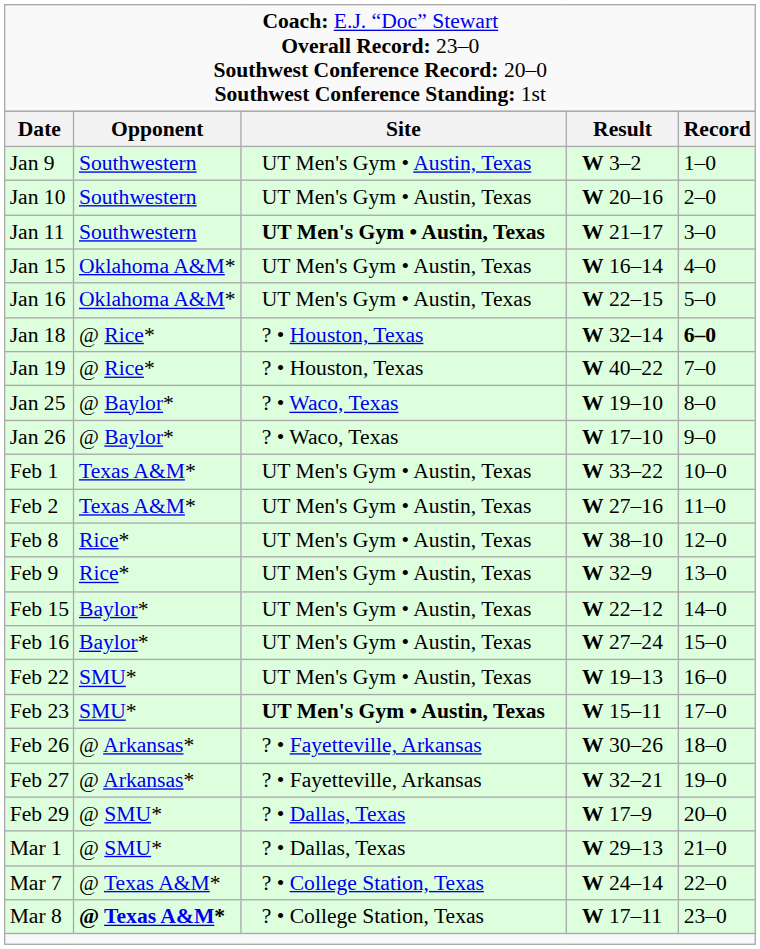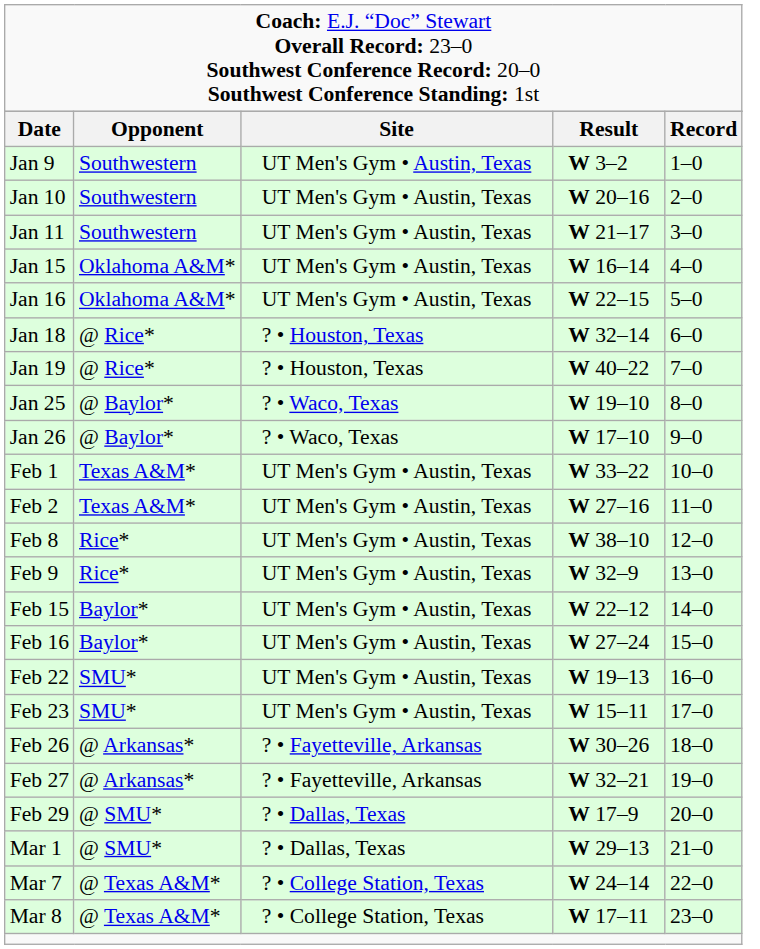 <table class="wikitable">
 <tr>
 <td colspan=8 style="text-align: center;"><strong>Coach:</strong> <a href='#'>E.J. “Doc” Stewart</a><br><strong>Overall Record:</strong> 23–0<br><strong>Southwest Conference Record:</strong> 20–0<br><strong>Southwest Conference Standing:</strong> 1st</td>
 </tr>
 <tr>
 </tr>
 <tr>
 <th>Date</th>
 <th>Opponent</th>
 <th>Site</th>
 <th>Result</th>
 <th>Record</th>
 </tr>
 <tr style="background: #ddffdd;">
 <td>Jan 9</td>
 <td><a href='#'>Southwestern</a></td>
 <td>   UT Men's Gym • <a href='#'>Austin, Texas</a>   </td>
 <td>  <strong>W</strong> 3–2  </td>
 <td>1–0</td>
 </tr>
 <tr style="background: #ddffdd;">
 <td>Jan 10</td>
 <td><a href='#'>Southwestern</a></td>
 <td>   UT Men's Gym • Austin, Texas   </td>
 <td>  <strong>W</strong> 20–16  </td>
 <td>2–0</td>
 </tr>
 <tr style="background: #ddffdd;">
 <td>Jan 11</td>
 <td><a href='#'>Southwestern</a></td>
-<td><strong>   UT Men's Gym • Austin, Texas   </strong></td>
+<td>   UT Men's Gym • Austin, Texas   </td>
 <td>  <strong>W</strong> 21–17  </td>
 <td>3–0</td>
 </tr>
 <tr style="background: #ddffdd;">
 <td>Jan 15</td>
 <td><a href='#'>Oklahoma A&M</a>*</td>
 <td>   UT Men's Gym • Austin, Texas   </td>
 <td>  <strong>W</strong> 16–14  </td>
 <td>4–0</td>
 </tr>
 <tr style="background: #ddffdd;">
 <td>Jan 16</td>
 <td><a href='#'>Oklahoma A&M</a>*</td>
 <td>   UT Men's Gym • Austin, Texas   </td>
 <td>  <strong>W</strong> 22–15  </td>
 <td>5–0</td>
 </tr>
 <tr style="background: #ddffdd;">
 <td>Jan 18</td>
 <td>@ <a href='#'>Rice</a>*</td>
 <td>   ? • <a href='#'>Houston, Texas</a>   </td>
 <td>  <strong>W</strong> 32–14  </td>
-<td><strong>6–0</strong></td>
+<td>6–0</td>
 </tr>
 <tr style="background: #ddffdd;">
 <td>Jan 19</td>
 <td>@ <a href='#'>Rice</a>*</td>
 <td>   ? • Houston, Texas   </td>
 <td>  <strong>W</strong> 40–22  </td>
 <td>7–0</td>
 </tr>
 <tr style="background: #ddffdd;">
 <td>Jan 25</td>
 <td>@ <a href='#'>Baylor</a>*</td>
 <td>   ? • <a href='#'>Waco, Texas</a>   </td>
 <td>  <strong>W</strong> 19–10  </td>
 <td>8–0</td>
 </tr>
 <tr style="background: #ddffdd;">
 <td>Jan 26</td>
 <td>@ <a href='#'>Baylor</a>*</td>
 <td>   ? • Waco, Texas   </td>
 <td>  <strong>W</strong> 17–10  </td>
 <td>9–0</td>
 </tr>
 <tr style="background: #ddffdd;">
 <td>Feb 1</td>
 <td><a href='#'>Texas A&M</a>*</td>
 <td>   UT Men's Gym • Austin, Texas   </td>
 <td>  <strong>W</strong> 33–22  </td>
 <td>10–0</td>
 </tr>
 <tr style="background: #ddffdd;">
 <td>Feb 2</td>
 <td><a href='#'>Texas A&M</a>*</td>
 <td>   UT Men's Gym • Austin, Texas   </td>
 <td>  <strong>W</strong> 27–16  </td>
 <td>11–0</td>
 </tr>
 <tr style="background: #ddffdd;">
 <td>Feb 8</td>
 <td><a href='#'>Rice</a>*</td>
 <td>   UT Men's Gym • Austin, Texas   </td>
 <td>  <strong>W</strong> 38–10  </td>
 <td>12–0</td>
 </tr>
 <tr style="background: #ddffdd;">
 <td>Feb 9</td>
 <td><a href='#'>Rice</a>*</td>
 <td>   UT Men's Gym • Austin, Texas   </td>
 <td>  <strong>W</strong> 32–9  </td>
 <td>13–0</td>
 </tr>
 <tr style="background: #ddffdd;">
 <td>Feb 15</td>
 <td><a href='#'>Baylor</a>*</td>
 <td>   UT Men's Gym • Austin, Texas   </td>
 <td>  <strong>W</strong> 22–12  </td>
 <td>14–0</td>
 </tr>
 <tr style="background: #ddffdd;">
 <td>Feb 16</td>
 <td><a href='#'>Baylor</a>*</td>
 <td>   UT Men's Gym • Austin, Texas   </td>
 <td>  <strong>W</strong> 27–24  </td>
 <td>15–0</td>
 </tr>
 <tr style="background: #ddffdd;">
 <td>Feb 22</td>
 <td><a href='#'>SMU</a>*</td>
 <td>   UT Men's Gym • Austin, Texas   </td>
 <td>  <strong>W</strong> 19–13  </td>
 <td>16–0</td>
 </tr>
 <tr style="background: #ddffdd;">
 <td>Feb 23</td>
 <td><a href='#'>SMU</a>*</td>
-<td><strong>   UT Men's Gym • Austin, Texas   </strong></td>
+<td>   UT Men's Gym • Austin, Texas   </td>
 <td>  <strong>W</strong> 15–11  </td>
 <td>17–0</td>
 </tr>
 <tr style="background: #ddffdd;">
 <td>Feb 26</td>
 <td>@ <a href='#'>Arkansas</a>*</td>
 <td>   ? • <a href='#'>Fayetteville, Arkansas</a>   </td>
 <td>  <strong>W</strong> 30–26  </td>
 <td>18–0</td>
 </tr>
 <tr style="background: #ddffdd;">
 <td>Feb 27</td>
 <td>@ <a href='#'>Arkansas</a>*</td>
 <td>   ? • Fayetteville, Arkansas   </td>
 <td>  <strong>W</strong> 32–21  </td>
 <td>19–0</td>
 </tr>
 <tr style="background: #ddffdd;">
 <td>Feb 29</td>
 <td>@ <a href='#'>SMU</a>*</td>
 <td>   ? • <a href='#'>Dallas, Texas</a>   </td>
 <td>  <strong>W</strong> 17–9  </td>
 <td>20–0</td>
 </tr>
 <tr style="background: #ddffdd;">
 <td>Mar 1</td>
 <td>@ <a href='#'>SMU</a>*</td>
 <td>   ? • Dallas, Texas   </td>
 <td>  <strong>W</strong> 29–13  </td>
 <td>21–0</td>
 </tr>
 <tr style="background: #ddffdd;">
 <td>Mar 7</td>
 <td>@ <a href='#'>Texas A&M</a>*</td>
 <td>   ? • <a href='#'>College Station, Texas</a>   </td>
 <td>  <strong>W</strong> 24–14  </td>
 <td>22–0</td>
 </tr>
 <tr style="background: #ddffdd;">
 <td>Mar 8</td>
-<td><strong>@ <a href='#'>Texas A&M</a>*</strong></td>
+<td>@ <a href='#'>Texas A&M</a>*</td>
 <td>   ? • College Station, Texas   </td>
 <td>  <strong>W</strong> 17–11  </td>
 <td>23–0</td>
 </tr>
 <tr>
 <td colspan=8></td>
 </tr>
 </table>
